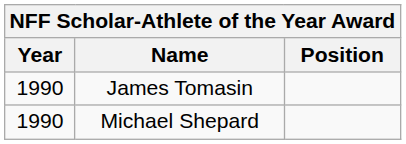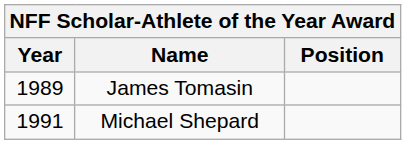 <table class="wikitable">
 <tr align="center">
 <th colspan=5>NFF Scholar-Athlete of the Year Award</th>
 </tr>
 <tr>
 <th>Year</th>
 <th>Name</th>
 <th>Position</th>
 </tr>
 <tr align="center" bgcolor="">
-<td>1990</td>
+<td>1989</td>
 <td>James Tomasin</td>
 <td></td>
 </tr>
 <tr align="center" bgcolor="">
-<td>1990</td>
+<td>1991</td>
 <td>Michael Shepard</td>
 <td></td>
 </tr>
 </table>
